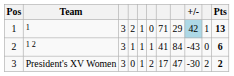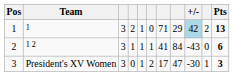 <table class="wikitable" style="text-align: center;">
 <tr>
 <th>Pos</th>
 <th>Team</th>
 <th></th>
 <th></th>
 <th></th>
 <th></th>
 <th></th>
 <th></th>
 <th>+/-</th>
 <th></th>
 <th>Pts</th>
 </tr>
 <tr>
 <td>1</td>
 <td align="left"><sup>1</sup></td>
 <td>3</td>
 <td>2</td>
 <td>1</td>
 <td>0</td>
 <td>71</td>
 <td>29</td>
 <td style="background: lightblue;">42</td>
-<td>1</td>
+<td>2</td>
 <td><strong>13</strong></td>
 </tr>
 <tr>
 <td>2</td>
 <td align="left"><sup>1 2</sup></td>
 <td>3</td>
 <td>1</td>
 <td>1</td>
 <td>1</td>
 <td>41</td>
 <td>84</td>
 <td>-43</td>
 <td>0</td>
 <td><strong>6</strong></td>
 </tr>
 <tr>
 <td>3</td>
 <td align="left">President's XV Women</td>
 <td>3</td>
 <td>0</td>
 <td>1</td>
 <td>2</td>
 <td>17</td>
 <td>47</td>
 <td>-30</td>
-<td>2</td>
-<td><strong>2</strong></td>
+<td>1</td>
+<td><strong>3</strong></td>
 </tr>
 </table>
